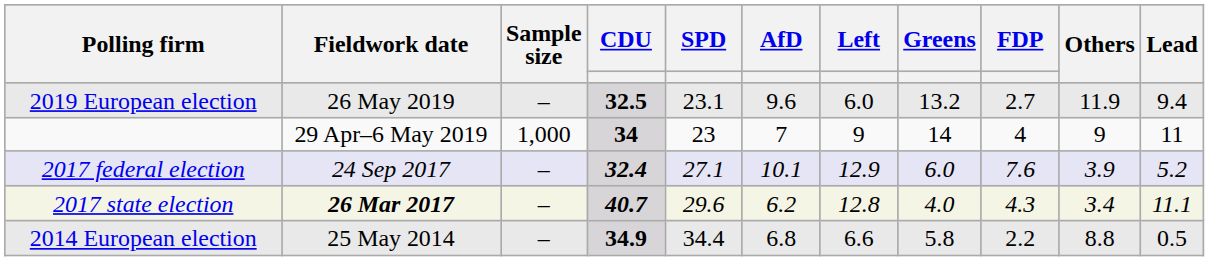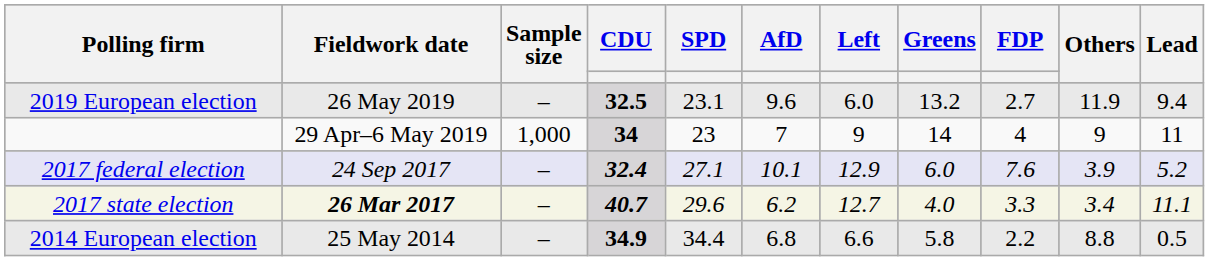 <table class="wikitable sortable" style="text-align:center;font-size:90%;line-height:14px;">
 <tr style="height:40px;">
 <th style="width:160px;" rowspan="2">Polling firm</th>
 <th style="width:125px;" rowspan="2">Fieldwork date</th>
 <th style="width:35px;" rowspan="2">Sample<br>size</th>
 <th class="unsortable" style="width:40px;"><span><a href='#'>CDU</a></span><br></th>
 <th class="unsortable" style="width:40px;"><a href='#'><span>SPD</span></a><br></th>
 <th class="unsortable" style="width:40px;"><a href='#'><span>AfD</span></a><br></th>
 <th class="unsortable" style="width:40px;"><a href='#'><span>Left</span></a><br></th>
 <th class="unsortable" style="width:40px;"><a href='#'><span>Greens</span></a><br></th>
 <th class="unsortable" style="width:40px;"><a href='#'><span>FDP</span></a><br></th>
 <th class="unsortable" style="width:30px;" rowspan="2">Others</th>
 <th style="width:30px;" rowspan="2">Lead</th>
 </tr>
 <tr>
 <th style="background:"></th>
 <th style="background:"></th>
 <th style="background:"></th>
 <th style="background:"></th>
 <th style="background:"></th>
 <th style="background:"></th>
 </tr>
 <tr style="background:#E9E9E9;">
 <td><a href='#'>2019 European election</a></td>
 <td data-sort-value="2019-05-26">26 May 2019</td>
 <td>–</td>
 <td style="background:#D7D5D7;"><strong>32.5</strong></td>
 <td>23.1</td>
 <td>9.6</td>
 <td>6.0</td>
 <td>13.2</td>
 <td>2.7</td>
 <td>11.9</td>
 <td style="background:">9.4</td>
 </tr>
 <tr>
 <td></td>
 <td data-sort-value="2019-05-06">29 Apr–6 May 2019</td>
 <td>1,000</td>
 <td style="background:#D7D5D7;"><strong>34</strong></td>
 <td>23</td>
 <td>7</td>
 <td>9</td>
 <td>14</td>
 <td>4</td>
 <td>9</td>
 <td style="background:">11</td>
 </tr>
 <tr style="background:#E5E5F5;font-style:italic;">
 <td><a href='#'>2017 federal election</a></td>
 <td data-sort-value="2017-09-24">24 Sep 2017</td>
 <td>–</td>
 <td style="background:#D7D5D7;"><strong>32.4</strong></td>
 <td>27.1</td>
 <td>10.1</td>
 <td>12.9</td>
 <td>6.0</td>
 <td>7.6</td>
 <td>3.9</td>
 <td style="background:">5.2</td>
 </tr>
 <tr style="background:#F5F5E5;font-style:italic;">
 <td><a href='#'>2017 state election</a></td>
 <td data-sort-value="2017-03-26"><strong>26 Mar 2017</strong></td>
 <td>–</td>
 <td style="background:#D7D5D7;"><strong>40.7</strong></td>
 <td>29.6</td>
 <td>6.2</td>
-<td>12.8</td>
+<td>12.7</td>
 <td>4.0</td>
-<td>4.3</td>
+<td>3.3</td>
 <td>3.4</td>
 <td style="background:">11.1</td>
 </tr>
 <tr style="background:#E9E9E9;">
 <td><a href='#'>2014 European election</a></td>
 <td data-sort-value="2014-05-25">25 May 2014</td>
 <td>–</td>
 <td style="background:#D7D5D7;"><strong>34.9</strong></td>
 <td>34.4</td>
 <td>6.8</td>
 <td>6.6</td>
 <td>5.8</td>
 <td>2.2</td>
 <td>8.8</td>
 <td style="background:">0.5</td>
 </tr>
 </table>
